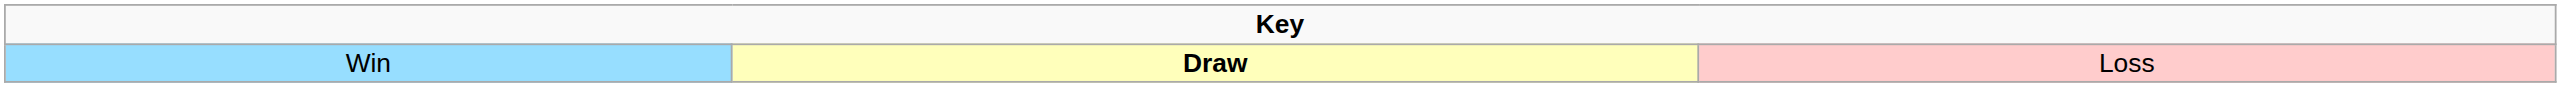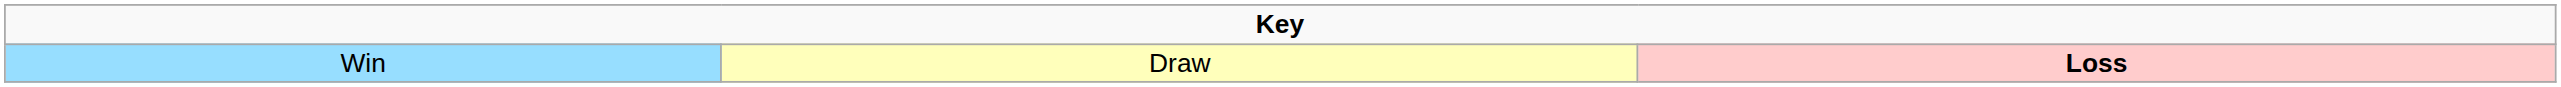 <table class="wikitable" style="text-align:center; line-height:100%; width:90%; font-size:92%">
 <tr>
 <td colspan=100% style="height:10px"><strong>Key</strong></td>
 </tr>
 <tr>
 <td style="background:#97DEFF;">Win</td>
-<td style="background:#ffb;"><strong>Draw</strong></td>
-<td style="background:#FFCCCC;">Loss</td>
+<td style="background:#ffb;">Draw</td>
+<td style="background:#FFCCCC;"><strong>Loss</strong></td>
 </tr>
 </table>
